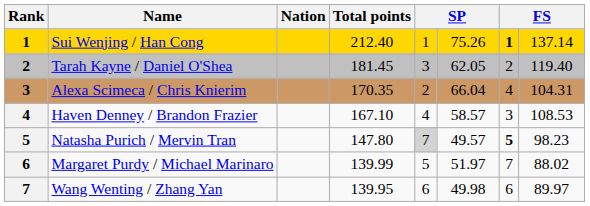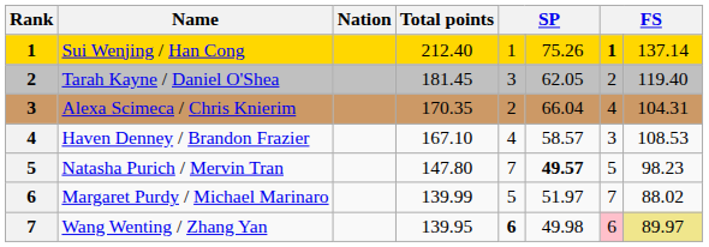 <table class="wikitable sortable">
 <tr>
 <th>Rank</th>
 <th>Name</th>
 <th>Nation</th>
 <th>Total points</th>
 <th colspan="2" width="80px"><a href='#'>SP</a></th>
 <th colspan="2" width="80px"><a href='#'>FS</a></th>
 </tr>
 <tr bgcolor="gold">
 <td align="center"><strong>1</strong></td>
 <td><a href='#'>Sui Wenjing</a> / <a href='#'>Han Cong</a></td>
 <td></td>
 <td align="center">212.40</td>
 <td align="center">1</td>
 <td align="center">75.26</td>
 <td align="center"><strong>1</strong></td>
 <td align="center">137.14</td>
 </tr>
 <tr bgcolor="silver">
 <td align="center"><strong>2</strong></td>
 <td><a href='#'>Tarah Kayne</a> / <a href='#'>Daniel O'Shea</a></td>
 <td></td>
 <td align="center">181.45</td>
 <td align="center">3</td>
 <td align="center">62.05</td>
 <td align="center">2</td>
 <td align="center">119.40</td>
 </tr>
 <tr bgcolor="cc9966">
 <td align="center"><strong>3</strong></td>
 <td><a href='#'>Alexa Scimeca</a> / <a href='#'>Chris Knierim</a></td>
 <td></td>
 <td align="center">170.35</td>
 <td align="center">2</td>
 <td align="center">66.04</td>
 <td align="center">4</td>
 <td align="center">104.31</td>
 </tr>
 <tr>
 <th>4</th>
 <td><a href='#'>Haven Denney</a> / <a href='#'>Brandon Frazier</a></td>
 <td></td>
 <td align="center">167.10</td>
 <td align="center">4</td>
 <td align="center">58.57</td>
 <td align="center">3</td>
 <td align="center">108.53</td>
 </tr>
 <tr>
 <th>5</th>
 <td><a href='#'>Natasha Purich</a> / <a href='#'>Mervin Tran</a></td>
 <td></td>
 <td align="center">147.80</td>
-<td align="center" style="background: lightgrey;">7</td>
-<td align="center">49.57</td>
-<td align="center"><strong>5</strong></td>
+<td align="center">7</td>
+<td align="center"><strong>49.57</strong></td>
+<td align="center">5</td>
 <td align="center">98.23</td>
 </tr>
 <tr>
 <th>6</th>
 <td><a href='#'>Margaret Purdy</a> / <a href='#'>Michael Marinaro</a></td>
 <td></td>
 <td align="center">139.99</td>
 <td align="center">5</td>
 <td align="center">51.97</td>
 <td align="center">7</td>
 <td align="center">88.02</td>
 </tr>
 <tr>
 <th>7</th>
 <td><a href='#'>Wang Wenting</a> / <a href='#'>Zhang Yan</a></td>
 <td></td>
 <td align="center">139.95</td>
-<td align="center">6</td>
+<td align="center"><strong>6</strong></td>
 <td align="center">49.98</td>
-<td align="center">6</td>
-<td align="center">89.97</td>
+<td align="center" style="background: pink;">6</td>
+<td align="center" style="background: khaki;">89.97</td>
 </tr>
 </table>
